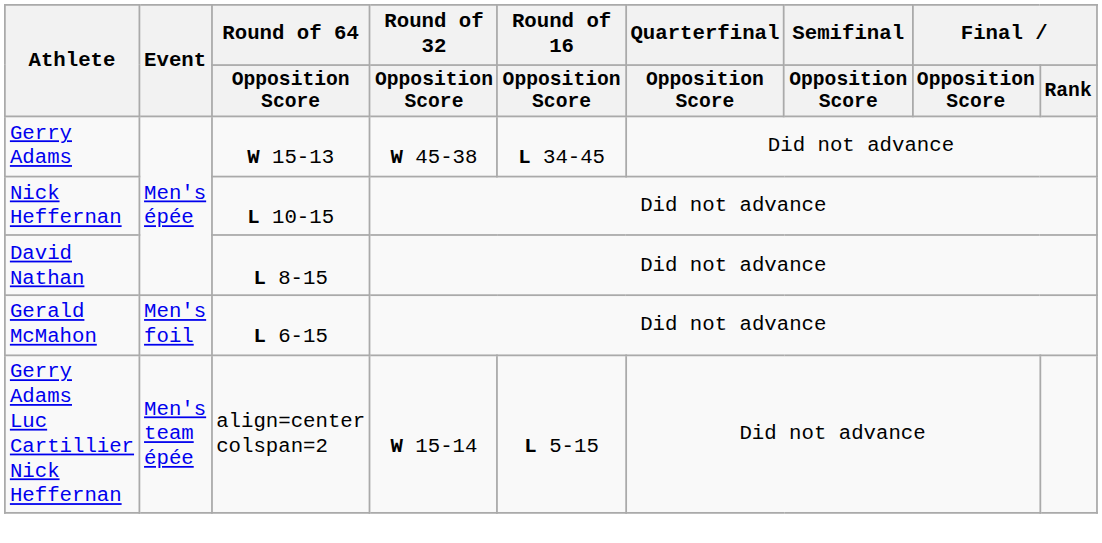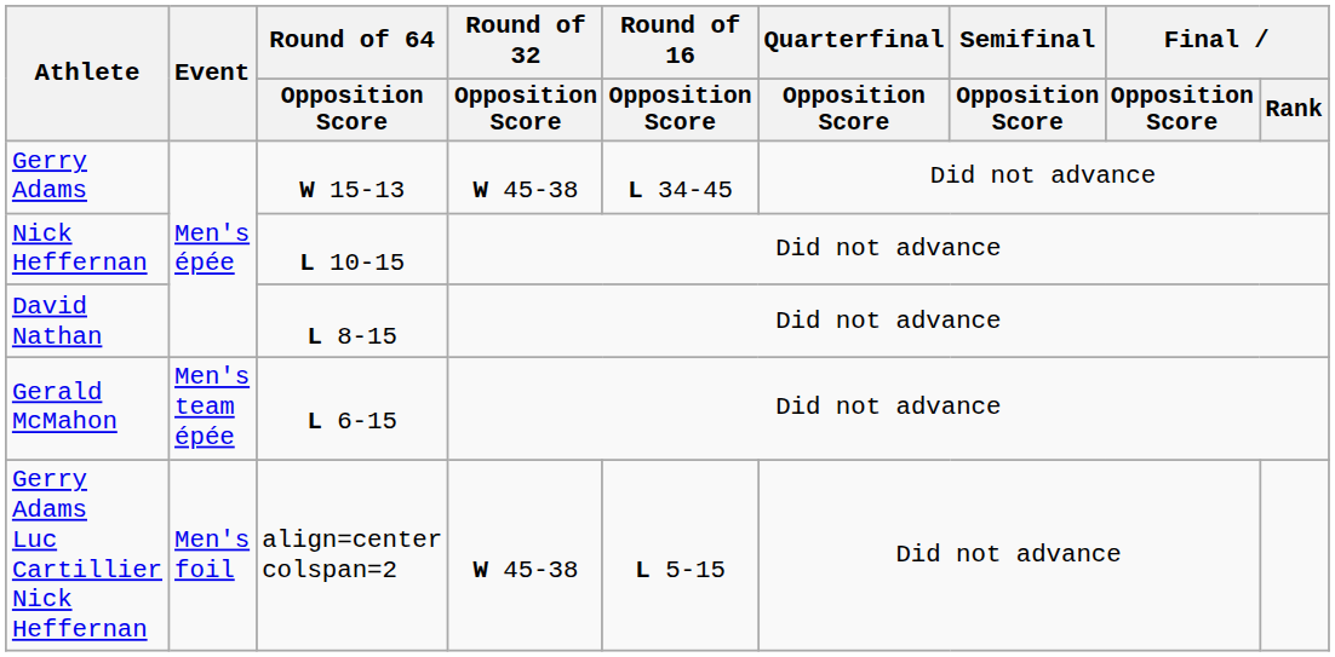 <table class="wikitable" style="font-size:90%">
 <tr>
 <th rowspan="2">Athlete</th>
 <th rowspan="2">Event</th>
 <th>Round of 64</th>
 <th>Round of 32</th>
 <th>Round of 16</th>
 <th>Quarterfinal</th>
 <th>Semifinal</th>
 <th colspan=2>Final / </th>
 </tr>
 <tr style="font-size:95%">
 <th>Opposition <br> Score</th>
 <th>Opposition <br> Score</th>
 <th>Opposition <br> Score</th>
 <th>Opposition <br> Score</th>
 <th>Opposition <br> Score</th>
 <th>Opposition <br> Score</th>
 <th>Rank</th>
 </tr>
 <tr>
 <td align=left><a href='#'>Gerry Adams</a></td>
 <td align=left rowspan=3><a href='#'>Men's épée</a></td>
 <td align=center><br><strong>W</strong> 15-13</td>
 <td align=center><br><strong>W</strong> 45-38</td>
 <td align=center><br><strong>L</strong> 34-45</td>
 <td align=center colspan=4>Did not advance</td>
 </tr>
 <tr>
 <td align=left><a href='#'>Nick Heffernan</a></td>
 <td align=center><br><strong>L</strong> 10-15</td>
 <td align=center colspan=6>Did not advance</td>
 </tr>
 <tr>
 <td align=left><a href='#'>David Nathan</a></td>
 <td align=center><br><strong>L</strong> 8-15</td>
 <td align=center colspan=6>Did not advance</td>
 </tr>
 <tr>
 <td align=left><a href='#'>Gerald McMahon</a></td>
-<td align=left><a href='#'>Men's foil</a></td>
+<td align=left><a href='#'>Men's team épée</a></td>
 <td align=center><br><strong>L</strong> 6-15</td>
 <td align=center colspan=6>Did not advance</td>
 </tr>
 <tr>
 <td align=left><a href='#'>Gerry Adams</a><br> <a href='#'>Luc Cartillier</a><br> <a href='#'>Nick Heffernan</a></td>
-<td align=left><a href='#'>Men's team épée</a></td>
+<td align=left><a href='#'>Men's foil</a></td>
 <td>align=center colspan=2 </td>
-<td align=center><br><strong>W</strong> 15-14</td>
+<td align=center><br><strong>W</strong> 45-38</td>
 <td align=center><br><strong>L</strong> 5-15</td>
 <td align=center colspan=3>Did not advance</td>
 </tr>
 </table>
